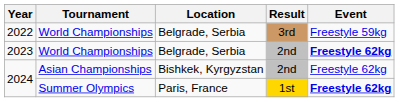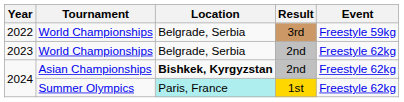 <table class="wikitable" style="font-size:95%;">
 <tr>
 <th>Year</th>
 <th>Tournament</th>
 <th>Location</th>
 <th>Result</th>
 <th>Event</th>
 </tr>
 <tr>
 <td>2022</td>
 <td><a href='#'>World Championships</a></td>
 <td>Belgrade, Serbia</td>
 <td align="center" bgcolor="cc9966">3rd</td>
 <td><a href='#'>Freestyle 59kg</a></td>
 </tr>
 <tr>
 <td>2023</td>
 <td><a href='#'>World Championships</a></td>
 <td>Belgrade, Serbia</td>
 <td align="center" bgcolor="silver">2nd</td>
-<td><strong><a href='#'>Freestyle 62kg</a></strong></td>
+<td><a href='#'>Freestyle 62kg</a></td>
 </tr>
 <tr>
 <td rowspan=2>2024</td>
 <td><a href='#'>Asian Championships</a></td>
-<td>Bishkek, Kyrgyzstan</td>
+<td><strong>Bishkek, Kyrgyzstan</strong></td>
 <td align="center" bgcolor="silver">2nd</td>
 <td><a href='#'>Freestyle 62kg</a></td>
 </tr>
 <tr>
 <td><a href='#'>Summer Olympics</a></td>
-<td>Paris, France</td>
+<td style="background: paleturquoise;">Paris, France</td>
 <td align="center" bgcolor="gold">1st</td>
-<td><strong><a href='#'>Freestyle 62kg</a></strong></td>
+<td><a href='#'>Freestyle 62kg</a></td>
 </tr>
 </table>
